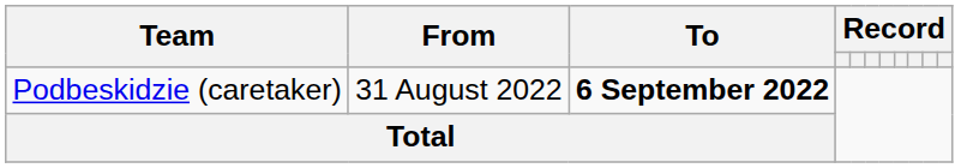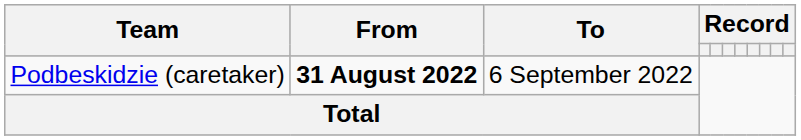 <table class="wikitable" style="text-align: center;">
 <tr>
 <th rowspan="2">Team</th>
 <th rowspan="2">From</th>
 <th rowspan="2">To</th>
 <th colspan="8">Record</th>
 </tr>
 <tr>
 <th></th>
 <th></th>
 <th></th>
 <th></th>
 <th></th>
 <th></th>
 <th></th>
 <th></th>
 </tr>
 <tr>
 <td align=left><a href='#'>Podbeskidzie</a> (caretaker)</td>
-<td align=left>31 August 2022</td>
-<td align=left><strong>6 September 2022<br></strong></td>
+<td align=left><strong>31 August 2022</strong></td>
+<td align=left>6 September 2022<br></td>
 </tr>
 <tr>
 <th colspan="3">Total<br></th>
 </tr>
 </table>
